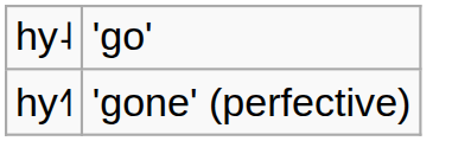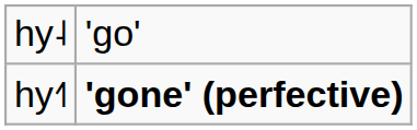 <table class="wikitable">
 <tr>
 <td>hy˨</td>
 <td>'go'</td>
 </tr>
 <tr>
 <td>hy˧˥</td>
-<td>'gone' (perfective)</td>
+<td><strong>'gone' (perfective)</strong></td>
 </tr>
 </table>
